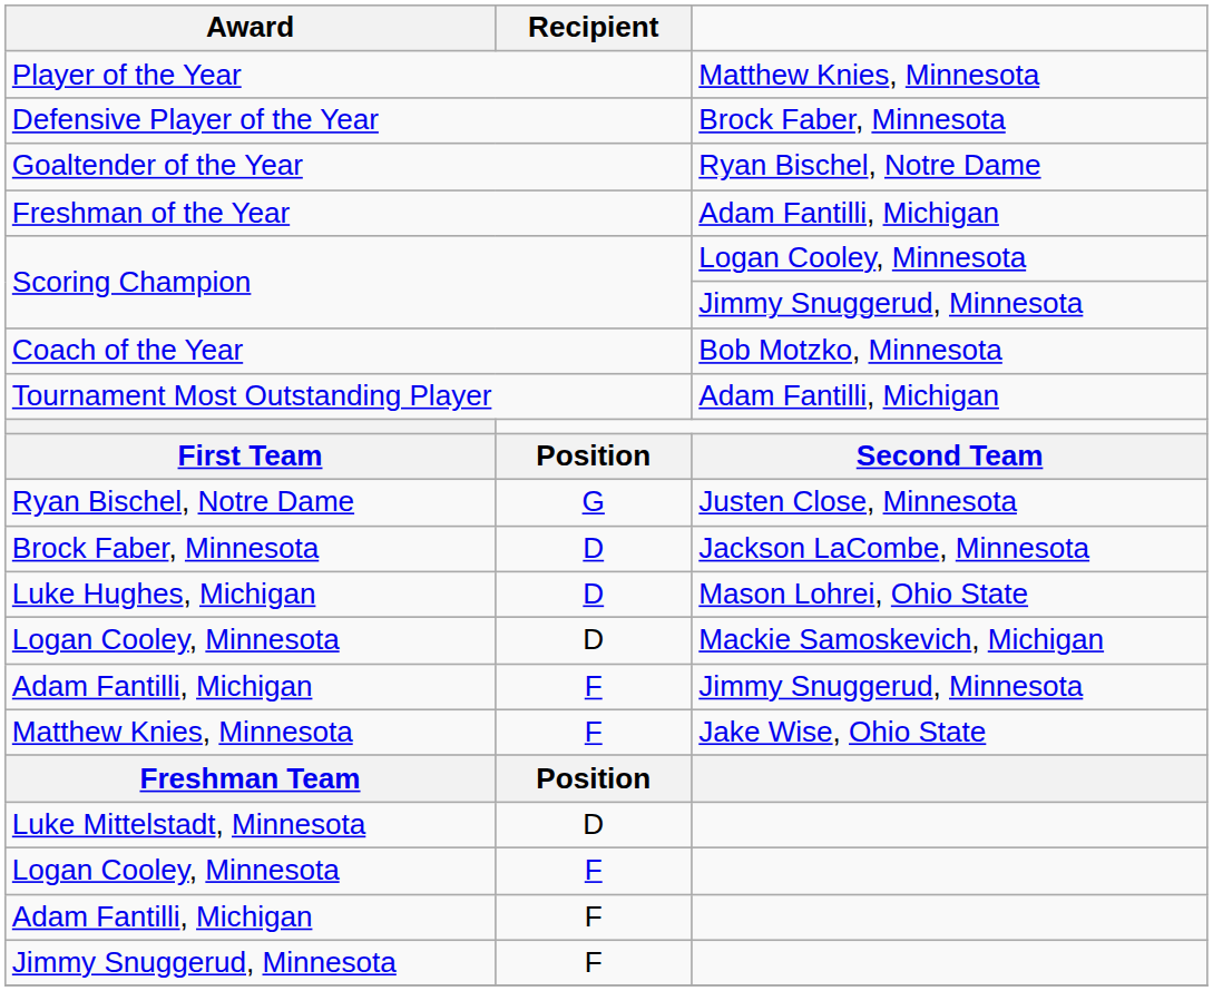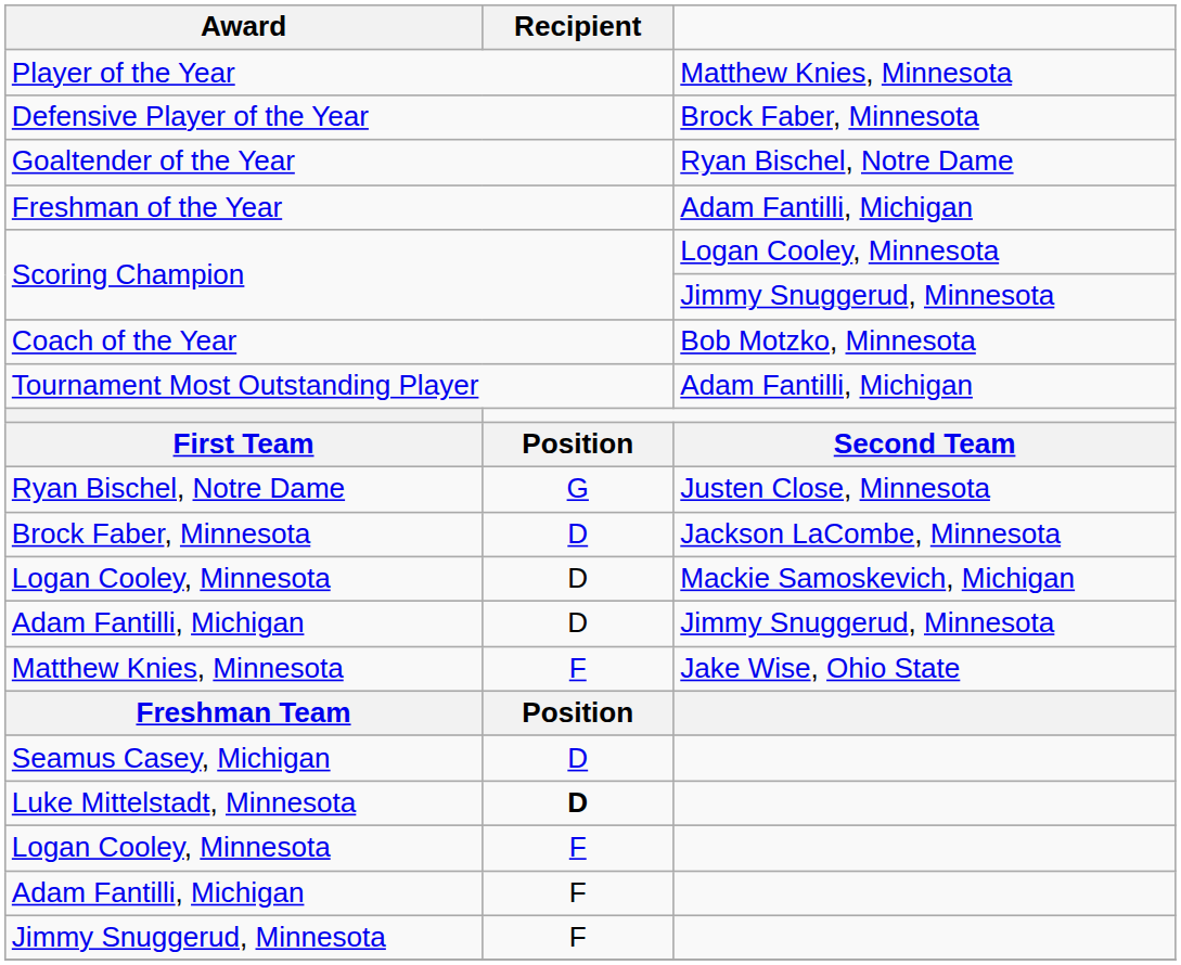 <table class="wikitable" width=75%>
 <tr>
 <th>Award</th>
 <th>Recipient </th>
 </tr>
 <tr>
 <td colspan=2><a href='#'>Player of the Year</a></td>
 <td><a href='#'>Matthew Knies</a>, <a href='#'>Minnesota</a></td>
 </tr>
 <tr>
 <td colspan=2><a href='#'>Defensive Player of the Year</a></td>
 <td><a href='#'>Brock Faber</a>, <a href='#'>Minnesota</a></td>
 </tr>
 <tr>
 <td colspan=2><a href='#'>Goaltender of the Year</a></td>
 <td><a href='#'>Ryan Bischel</a>, <a href='#'>Notre Dame</a></td>
 </tr>
 <tr>
 <td colspan=2><a href='#'>Freshman of the Year</a></td>
 <td><a href='#'>Adam Fantilli</a>, <a href='#'>Michigan</a></td>
 </tr>
 <tr>
 <td colspan=2, rowspan=2><a href='#'>Scoring Champion</a></td>
 <td><a href='#'>Logan Cooley</a>, <a href='#'>Minnesota</a></td>
 </tr>
 <tr>
 <td><a href='#'>Jimmy Snuggerud</a>, <a href='#'>Minnesota</a></td>
 </tr>
 <tr>
 <td colspan=2><a href='#'>Coach of the Year</a></td>
 <td><a href='#'>Bob Motzko</a>, <a href='#'>Minnesota</a></td>
 </tr>
 <tr>
 <td colspan=2><a href='#'>Tournament Most Outstanding Player</a></td>
 <td><a href='#'>Adam Fantilli</a>, <a href='#'>Michigan</a></td>
 </tr>
 <tr>
 <th><a href='#'></a></th>
 </tr>
 <tr>
 <th><a href='#'>First Team</a></th>
 <th>  Position  </th>
 <th><a href='#'>Second Team</a></th>
 </tr>
 <tr>
 <td><a href='#'>Ryan Bischel</a>, <a href='#'>Notre Dame</a></td>
 <td align=center><a href='#'>G</a></td>
 <td><a href='#'>Justen Close</a>, <a href='#'>Minnesota</a></td>
 </tr>
 <tr>
 <td><a href='#'>Brock Faber</a>, <a href='#'>Minnesota</a></td>
 <td align=center><a href='#'>D</a></td>
 <td><a href='#'>Jackson LaCombe</a>, <a href='#'>Minnesota</a></td>
 </tr>
 <tr>
-<td><a href='#'>Luke Hughes</a>, <a href='#'>Michigan</a></td>
-<td align=center><a href='#'>D</a></td>
-<td><a href='#'>Mason Lohrei</a>, <a href='#'>Ohio State</a></td>
-</tr>
-<tr>
 <td><a href='#'>Logan Cooley</a>, <a href='#'>Minnesota</a></td>
 <td align=center>D</td>
 <td><a href='#'>Mackie Samoskevich</a>, <a href='#'>Michigan</a></td>
 </tr>
 <tr>
 <td><a href='#'>Adam Fantilli</a>, <a href='#'>Michigan</a></td>
-<td align=center><a href='#'>F</a></td>
+<td align=center>D</td>
 <td><a href='#'>Jimmy Snuggerud</a>, <a href='#'>Minnesota</a></td>
 </tr>
 <tr>
 <td><a href='#'>Matthew Knies</a>, <a href='#'>Minnesota</a></td>
 <td align=center><a href='#'>F</a></td>
 <td><a href='#'>Jake Wise</a>, <a href='#'>Ohio State</a></td>
 </tr>
 <tr>
 <th><a href='#'>Freshman Team</a></th>
 <th>  Position  </th>
 <th></th>
 </tr>
 <tr>
+<td><a href='#'>Seamus Casey</a>, <a href='#'>Michigan</a></td>
+<td align=center><a href='#'>D</a></td>
+<td></td>
+</tr>
+<tr>
 <td><a href='#'>Luke Mittelstadt</a>, <a href='#'>Minnesota</a></td>
-<td align=center>D</td>
+<td align=center><strong>D</strong></td>
 <td></td>
 </tr>
 <tr>
 <td><a href='#'>Logan Cooley</a>, <a href='#'>Minnesota</a></td>
 <td align=center><a href='#'>F</a></td>
 <td></td>
 </tr>
 <tr>
 <td><a href='#'>Adam Fantilli</a>, <a href='#'>Michigan</a></td>
 <td align=center>F</td>
 <td></td>
 </tr>
 <tr>
 <td><a href='#'>Jimmy Snuggerud</a>, <a href='#'>Minnesota</a></td>
 <td align=center>F</td>
 <td></td>
 </tr>
 <tr>
 </tr>
 </table>
